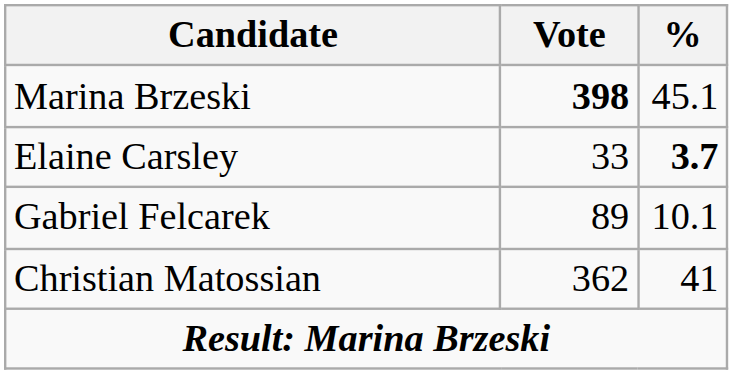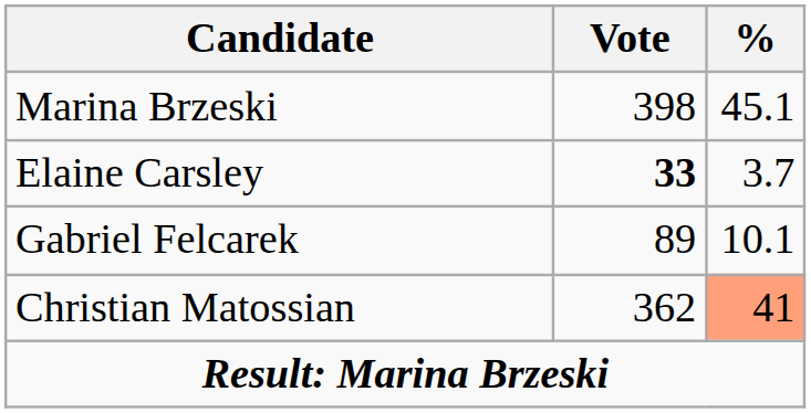 <table class="wikitable">
 <tr>
 <th bgcolor="#DDDDFF" width="200px">Candidate</th>
 <th bgcolor="#DDDDFF" width="50px">Vote</th>
 <th bgcolor="#DDDDFF"  width="30px">%</th>
 </tr>
 <tr>
 <td>Marina Brzeski</td>
-<td align="right"><strong>398</strong></td>
+<td align="right">398</td>
 <td align="right">45.1</td>
 </tr>
 <tr>
 <td>Elaine Carsley</td>
-<td align="right">33</td>
-<td align="right"><strong>3.7</strong></td>
+<td align="right"><strong>33</strong></td>
+<td align="right">3.7</td>
 </tr>
 <tr>
 <td>Gabriel Felcarek</td>
 <td align="right">89</td>
 <td align="right">10.1</td>
 </tr>
 <tr>
 <td>Christian Matossian</td>
 <td align="right">362</td>
-<td align="right">41</td>
+<td align="right" style="background: lightsalmon;">41</td>
 </tr>
 <tr>
 <td colspan=5 align="center"><strong><em>Result: Marina Brzeski</em></strong></td>
 </tr>
 </table>
